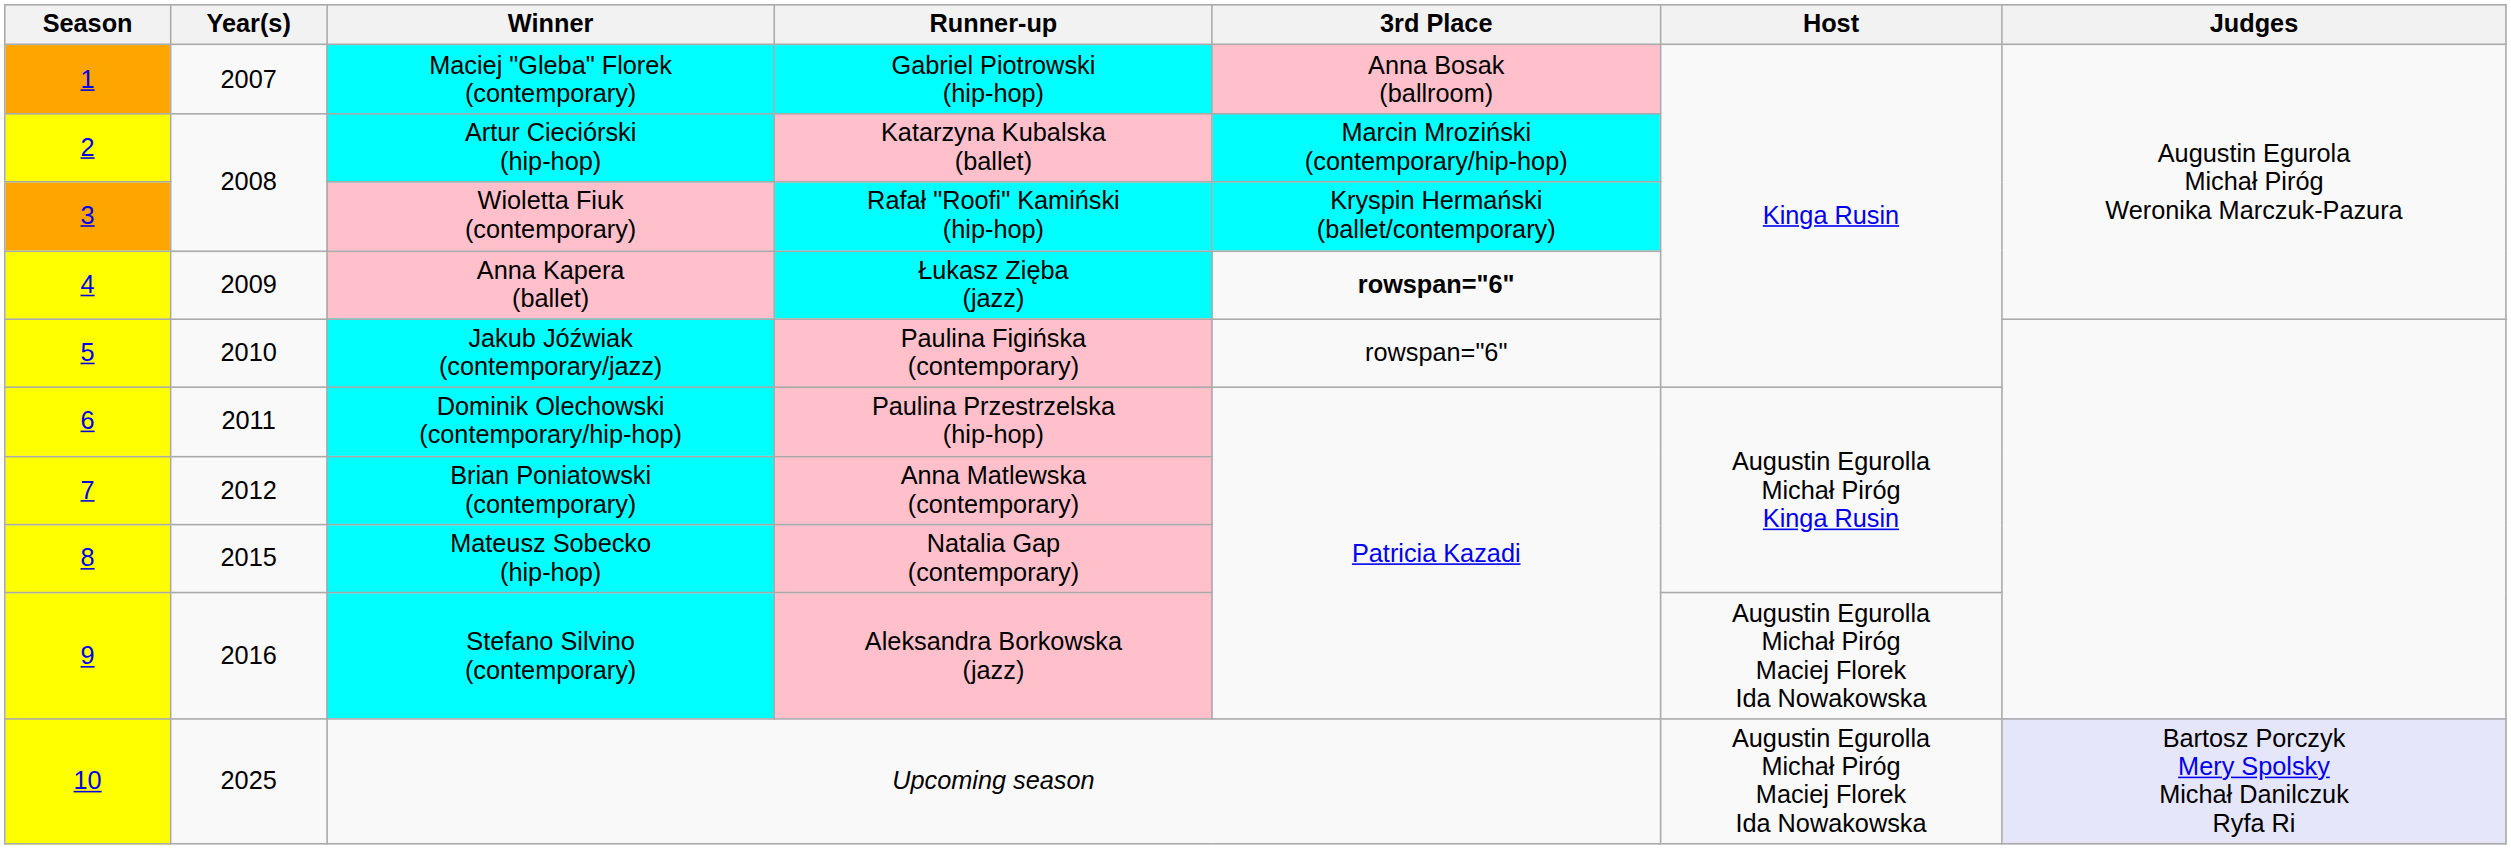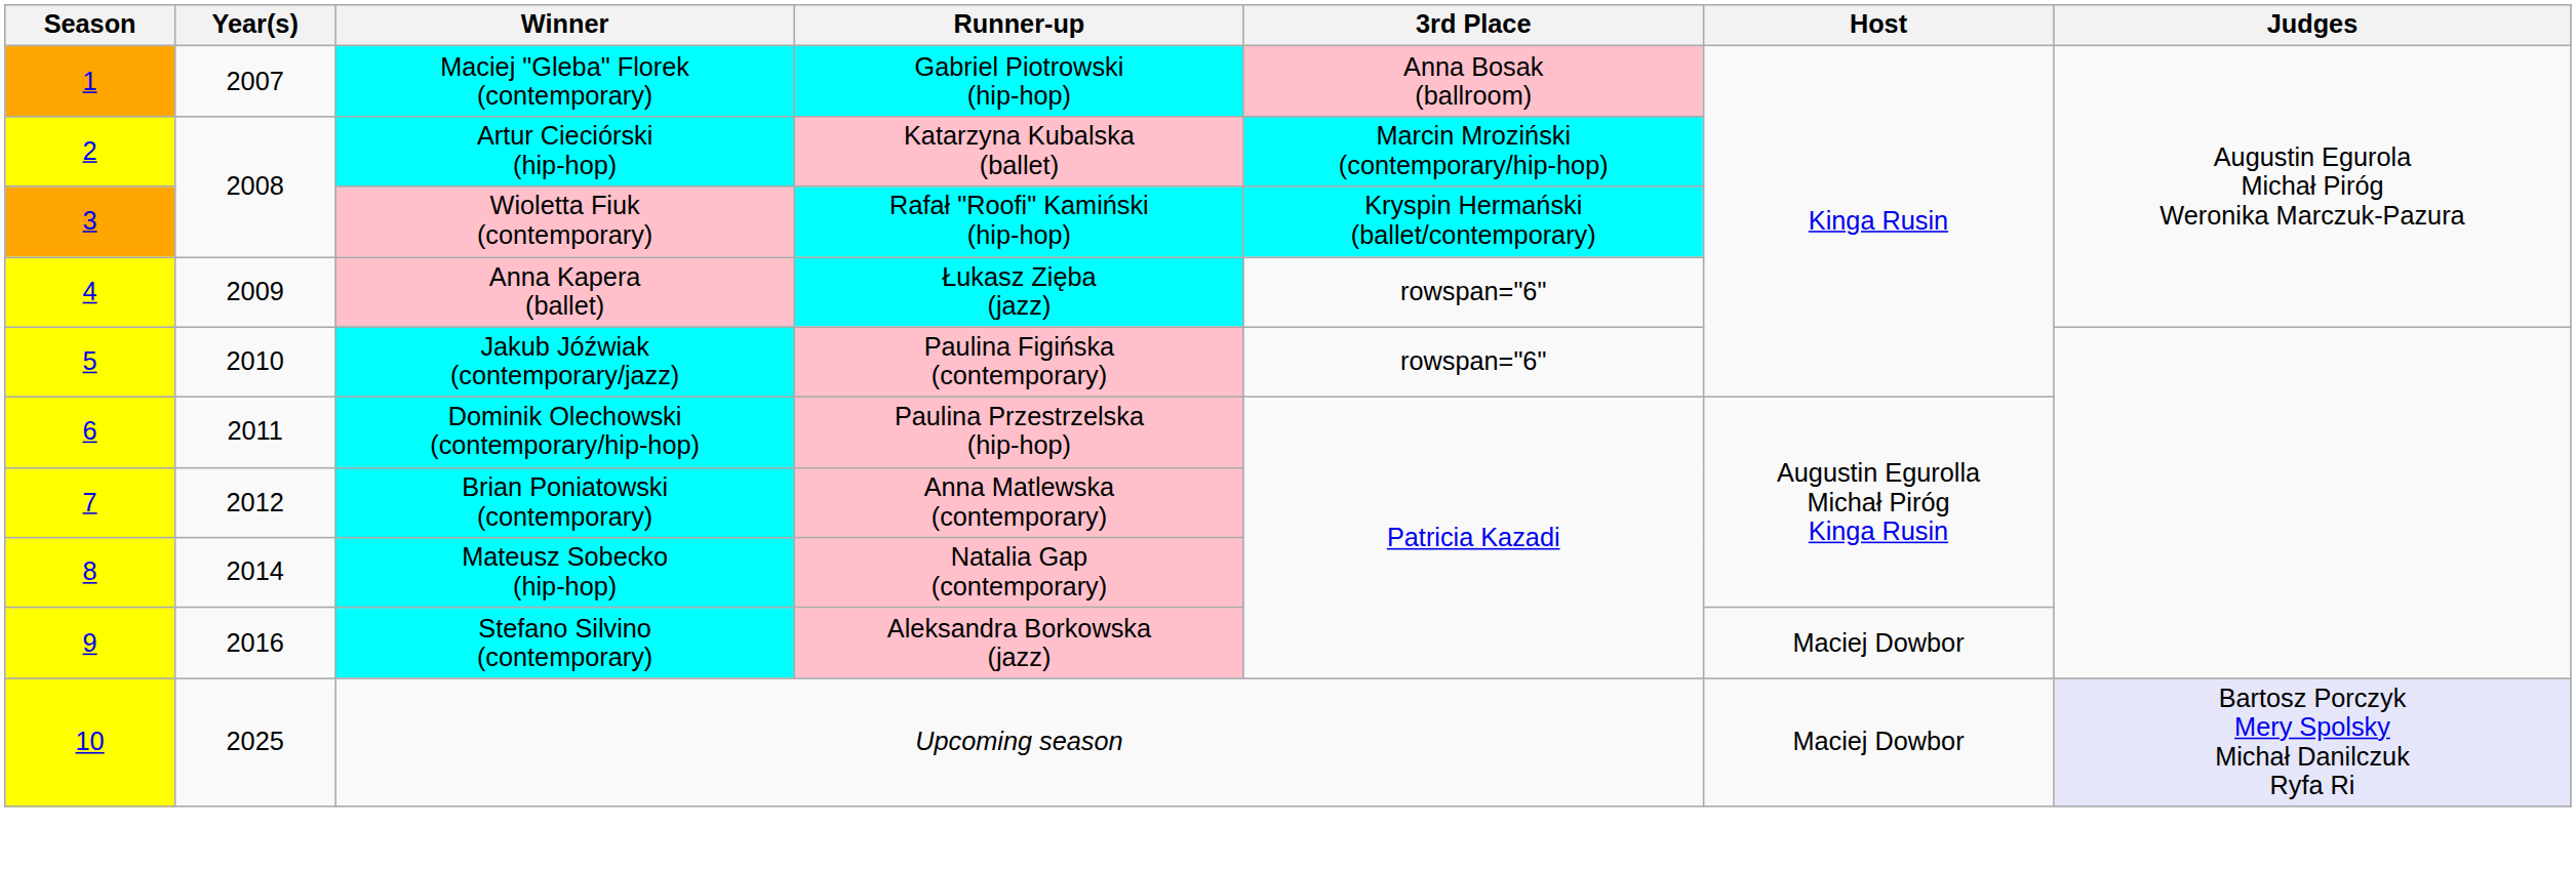 <table class="wikitable" style="text-align: center;" width="100%">
 <tr>
 <th>Season</th>
 <th>Year(s)</th>
 <th>Winner</th>
 <th>Runner-up</th>
 <th>3rd Place</th>
 <th>Host</th>
 <th>Judges</th>
 </tr>
 <tr>
 <td bgcolor="orange"><a href='#'>1</a></td>
 <td>2007</td>
 <td bgcolor="cyan">Maciej "Gleba" Florek <br> (contemporary)</td>
 <td bgcolor="cyan">Gabriel Piotrowski <br> (hip-hop)</td>
 <td bgcolor="pink">Anna Bosak<br> (ballroom)</td>
 <td rowspan="5"><a href='#'>Kinga Rusin</a></td>
 <td rowspan="4">Augustin Egurola<br>Michał Piróg<br>Weronika Marczuk-Pazura</td>
 </tr>
 <tr>
 <td bgcolor="yellow"><a href='#'>2</a></td>
 <td rowspan="2">2008</td>
 <td bgcolor="cyan">Artur Cieciórski<br> (hip-hop)</td>
 <td bgcolor="pink">Katarzyna Kubalska <br> (ballet)</td>
 <td bgcolor="cyan">Marcin Mroziński<br> (contemporary/hip-hop)</td>
 </tr>
 <tr>
 <td bgcolor="orange"><a href='#'>3</a></td>
 <td bgcolor="pink">Wioletta Fiuk <br> (contemporary)</td>
 <td bgcolor="cyan">Rafał "Roofi" Kamiński <br> (hip-hop)</td>
 <td bgcolor="cyan">Kryspin Hermański <br> (ballet/contemporary)</td>
 </tr>
 <tr>
 <td bgcolor="yellow"><a href='#'>4</a></td>
 <td>2009</td>
 <td bgcolor="pink">Anna Kapera <br> (ballet)</td>
 <td bgcolor="cyan">Łukasz Zięba <br> (jazz)</td>
-<td><strong>rowspan="6" </strong></td>
+<td>rowspan="6" </td>
 </tr>
 <tr>
 <td bgcolor="yellow"><a href='#'>5</a></td>
 <td>2010</td>
 <td bgcolor="cyan">Jakub Jóźwiak <br> (contemporary/jazz)</td>
 <td bgcolor="pink">Paulina Figińska <br> (contemporary)</td>
 <td>rowspan="6" </td>
 </tr>
 <tr>
 <td bgcolor="yellow"><a href='#'>6</a></td>
 <td>2011</td>
 <td bgcolor="cyan">Dominik Olechowski <br> (contemporary/hip-hop)</td>
 <td bgcolor="pink">Paulina Przestrzelska <br> (hip-hop)</td>
 <td rowspan="4"><a href='#'>Patricia Kazadi</a></td>
 <td rowspan="3">Augustin Egurolla<br>Michał Piróg<br><a href='#'>Kinga Rusin</a></td>
 </tr>
 <tr>
 <td bgcolor="yellow"><a href='#'>7</a></td>
 <td>2012</td>
 <td bgcolor="cyan">Brian Poniatowski <br> (contemporary)</td>
 <td bgcolor="pink">Anna Matlewska <br> (contemporary)</td>
 </tr>
 <tr>
 <td bgcolor="yellow"><a href='#'>8</a></td>
-<td>2015</td>
+<td>2014</td>
 <td bgcolor="cyan">Mateusz Sobecko <br> (hip-hop)</td>
 <td bgcolor="pink">Natalia Gap <br> (contemporary)</td>
 </tr>
 <tr>
 <td bgcolor="yellow"><a href='#'>9</a></td>
 <td>2016</td>
 <td bgcolor="cyan">Stefano Silvino <br> (contemporary)</td>
 <td bgcolor="pink">Aleksandra Borkowska <br> (jazz)</td>
-<td>Augustin Egurolla<br>Michał Piróg<br>Maciej Florek<br>Ida Nowakowska</td>
+<td>Maciej Dowbor</td>
 </tr>
 <tr>
 <td bgcolor="yellow"><a href='#'>10</a></td>
 <td>2025</td>
 <td colspan="3"><em>Upcoming season</em></td>
-<td>Augustin Egurolla<br>Michał Piróg<br>Maciej Florek<br>Ida Nowakowska</td>
+<td>Maciej Dowbor</td>
 <td style="background: lavender;">Bartosz Porczyk <br> <a href='#'>Mery Spolsky</a> <br> Michał Danilczuk <br> Ryfa Ri</td>
 </tr>
 </table>
